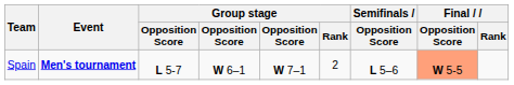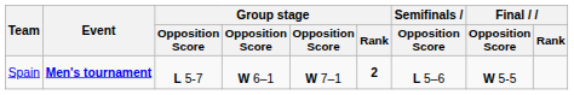 <table class="wikitable" style="text-align:center; font-size:90%">
 <tr>
 <th rowspan=2>Team</th>
 <th rowspan=2>Event</th>
 <th colspan=4>Group stage</th>
 <th>Semifinals / </th>
 <th colspan=2>Final /  / </th>
 </tr>
 <tr style="font-size:95%">
 <th>Opposition<br>Score</th>
 <th>Opposition<br>Score</th>
 <th>Opposition<br>Score</th>
 <th>Rank</th>
 <th>Opposition<br>Score</th>
 <th>Opposition<br>Score</th>
 <th>Rank</th>
 </tr>
 <tr>
 <td align=left><a href='#'>Spain</a></td>
 <td><strong><a href='#'>Men's tournament</a></strong></td>
 <td><br><strong>L</strong> 5-7</td>
 <td><br><strong>W</strong> 6–1</td>
 <td><br><strong>W</strong> 7–1</td>
-<td>2</td>
+<td><strong>2</strong></td>
 <td><br><strong>L</strong> 5–6 </td>
-<td style="background: lightsalmon;"><br><strong>W</strong> 5-5 </td>
+<td><br><strong>W</strong> 5-5 </td>
 <td></td>
 </tr>
 </table>
